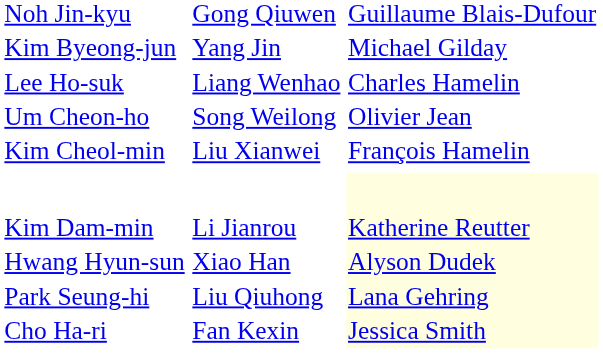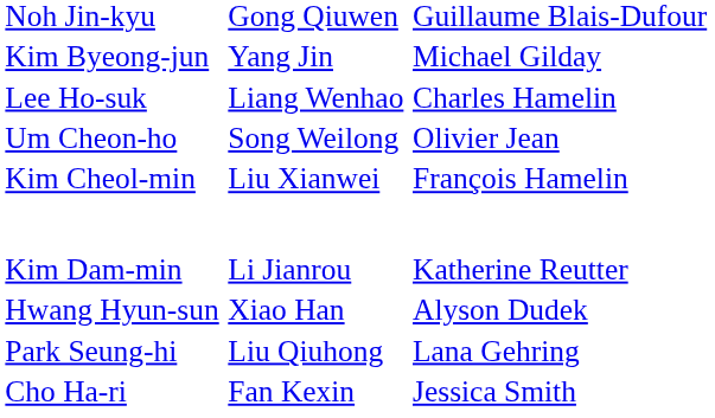 <table>
 <tr>
 <th scope=row style="text-align:left"></th>
 <td valign="top"><strong></strong><br><small><a href='#'>Noh Jin-kyu</a><br><a href='#'>Kim Byeong-jun</a><br><a href='#'>Lee Ho-suk</a><br><a href='#'>Um Cheon-ho</a><br><a href='#'>Kim Cheol-min</a></small></td>
 <td valign="top"><strong></strong><br><small><a href='#'>Gong Qiuwen</a><br><a href='#'>Yang Jin</a><br><a href='#'>Liang Wenhao</a><br><a href='#'>Song Weilong</a><br><a href='#'>Liu Xianwei</a></small></td>
 <td valign="top"><strong></strong><br><small><a href='#'>Guillaume Blais-Dufour</a><br><a href='#'>Michael Gilday</a><br><a href='#'>Charles Hamelin</a><br><a href='#'>Olivier Jean</a><br><a href='#'>François Hamelin</a></small></td>
 </tr>
 <tr>
 <th scope=row style="text-align:left"></th>
 <td valign="top"><strong></strong><br><small><a href='#'>Kim Dam-min</a><br><a href='#'>Hwang Hyun-sun</a><br><a href='#'>Park Seung-hi</a><br><a href='#'>Cho Ha-ri</a></small></td>
 <td valign="top"><strong></strong><br><small><a href='#'>Li Jianrou</a><br><a href='#'>Xiao Han</a><br><a href='#'>Liu Qiuhong</a><br><a href='#'>Fan Kexin</a></small></td>
-<td valign="top" style="background: lightyellow;"><strong></strong><br><small><a href='#'>Katherine Reutter</a><br><a href='#'>Alyson Dudek</a><br><a href='#'>Lana Gehring</a><br><a href='#'>Jessica Smith</a></small></td>
+<td valign="top"><strong></strong><br><small><a href='#'>Katherine Reutter</a><br><a href='#'>Alyson Dudek</a><br><a href='#'>Lana Gehring</a><br><a href='#'>Jessica Smith</a></small></td>
 </tr>
 </table>
